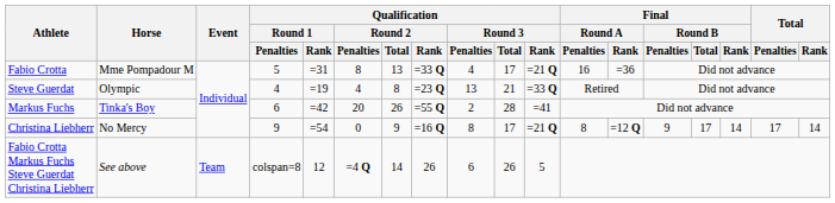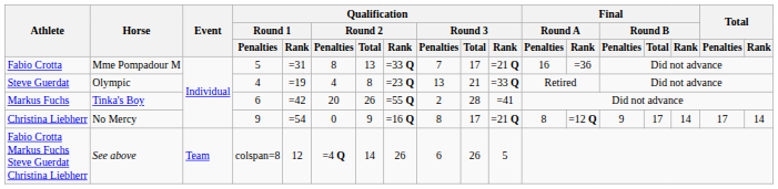 <table class="wikitable" style="font-size:90%">
 <tr>
 <th rowspan="3">Athlete</th>
 <th rowspan="3">Horse</th>
 <th rowspan="3">Event</th>
 <th colspan="8">Qualification</th>
 <th colspan="5">Final</th>
 <th rowspan=2 colspan="2">Total</th>
 </tr>
 <tr style="font-size:95%">
 <th colspan="2">Round 1</th>
 <th colspan="3">Round 2</th>
 <th colspan="3">Round 3</th>
 <th colspan="2">Round A</th>
 <th colspan="3">Round B</th>
 </tr>
 <tr style="font-size:95%">
 <th>Penalties</th>
 <th>Rank</th>
 <th>Penalties</th>
 <th>Total</th>
 <th>Rank</th>
 <th>Penalties</th>
 <th>Total</th>
 <th>Rank</th>
 <th>Penalties</th>
 <th>Rank</th>
 <th>Penalties</th>
 <th>Total</th>
 <th>Rank</th>
 <th>Penalties</th>
 <th>Rank</th>
 </tr>
 <tr align=center>
 <td align=left><a href='#'>Fabio Crotta</a></td>
 <td align=left>Mme Pompadour M</td>
 <td align=left rowspan=4><a href='#'>Individual</a></td>
 <td>5</td>
 <td>=31</td>
 <td>8</td>
 <td>13</td>
 <td>=33 <strong>Q</strong></td>
-<td>4</td>
+<td>7</td>
 <td>17</td>
 <td>=21 <strong>Q</strong></td>
 <td>16</td>
 <td>=36</td>
 <td colspan=7>Did not advance</td>
 </tr>
 <tr align=center>
 <td align=left><a href='#'>Steve Guerdat</a></td>
 <td align=left>Olympic</td>
 <td>4</td>
 <td>=19</td>
 <td>4</td>
 <td>8</td>
 <td>=23 <strong>Q</strong></td>
 <td>13</td>
 <td>21</td>
 <td>=33 <strong>Q</strong></td>
 <td colspan=2>Retired</td>
 <td colspan=5>Did not advance</td>
 </tr>
 <tr align=center>
 <td align=left><a href='#'>Markus Fuchs</a></td>
 <td align=left><a href='#'>Tinka's Boy</a></td>
 <td>6</td>
 <td>=42</td>
 <td>20</td>
 <td>26</td>
 <td>=55 <strong>Q</strong></td>
 <td>2</td>
 <td>28</td>
 <td>=41</td>
 <td colspan=7>Did not advance</td>
 </tr>
 <tr align=center>
 <td align=left><a href='#'>Christina Liebherr</a></td>
 <td align=left>No Mercy</td>
 <td>9</td>
 <td>=54</td>
 <td>0</td>
 <td>9</td>
 <td>=16 <strong>Q</strong></td>
 <td>8</td>
 <td>17</td>
 <td>=21 <strong>Q</strong></td>
 <td>8</td>
 <td>=12 <strong>Q</strong></td>
 <td>9</td>
 <td>17</td>
 <td>14</td>
 <td>17</td>
 <td>14</td>
 </tr>
 <tr align=center>
 <td align=left><a href='#'>Fabio Crotta</a><br><a href='#'>Markus Fuchs</a><br><a href='#'>Steve Guerdat</a><br><a href='#'>Christina Liebherr</a></td>
 <td align=left><em>See above</em></td>
 <td align=left><a href='#'>Team</a></td>
 <td>colspan=8 </td>
 <td>12</td>
 <td>=4 <strong>Q</strong></td>
 <td>14</td>
 <td>26</td>
 <td>6</td>
 <td>26</td>
 <td>5</td>
 </tr>
 </table>
